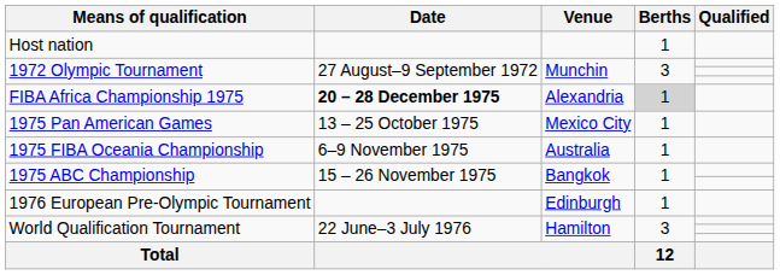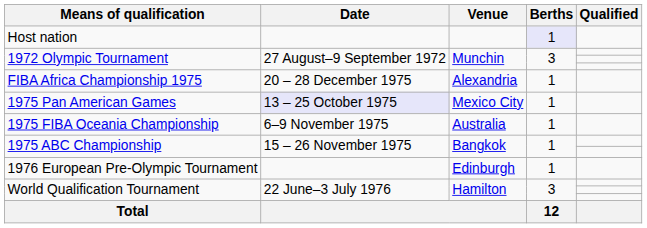 <table class="wikitable">
 <tr>
 <th>Means of qualification</th>
 <th>Date</th>
 <th>Venue</th>
 <th>Berths</th>
 <th>Qualified</th>
 </tr>
 <tr>
 <td>Host nation</td>
 <td></td>
 <td></td>
-<td style="text-align:center;">1</td>
+<td style="background: lavender; text-align:center;">1</td>
 <td></td>
 </tr>
 <tr>
 <td rowspan=3><a href='#'>1972 Olympic Tournament</a></td>
 <td rowspan=3>27 August–9 September 1972</td>
 <td rowspan=3> <a href='#'>Munchin</a></td>
 <td rowspan=3 style="text-align:center;">3</td>
 <td></td>
 </tr>
 <tr>
 <td></td>
 </tr>
 <tr>
 <td></td>
 </tr>
 <tr>
 <td><a href='#'>FIBA Africa Championship 1975</a></td>
-<td><strong>20 – 28 December 1975</strong></td>
+<td>20 – 28 December 1975</td>
 <td> <a href='#'>Alexandria</a></td>
-<td style="background: lightgrey; text-align:center;">1</td>
+<td style="text-align:center;">1</td>
 <td></td>
 </tr>
 <tr>
 <td><a href='#'>1975 Pan American Games</a></td>
-<td>13 – 25 October 1975</td>
+<td style="background: lavender;">13 – 25 October 1975</td>
 <td> <a href='#'>Mexico City</a></td>
 <td style="text-align:center;">1</td>
 <td></td>
 </tr>
 <tr>
 <td><a href='#'>1975 FIBA Oceania Championship</a></td>
 <td>6–9 November 1975</td>
 <td> <a href='#'>Australia</a></td>
 <td style="text-align:center;">1</td>
 <td></td>
 </tr>
 <tr>
 <td rowspan="2"><a href='#'>1975 ABC Championship</a></td>
 <td rowspan="2">15 – 26 November 1975</td>
 <td rowspan="2"> <a href='#'>Bangkok</a></td>
 <td rowspan="2" style="text-align:center;">1</td>
 <td><s></s></td>
 </tr>
 <tr>
 <td></td>
 </tr>
 <tr>
 <td>1976 European Pre-Olympic Tournament</td>
 <td></td>
 <td> <a href='#'>Edinburgh</a></td>
 <td style="text-align:center;">1</td>
 <td></td>
 </tr>
 <tr>
 <td rowspan="3">World Qualification Tournament</td>
 <td rowspan="3">22 June–3 July 1976</td>
 <td rowspan="3"> <a href='#'>Hamilton</a></td>
 <td rowspan="3" style="text-align:center;">3</td>
 <td></td>
 </tr>
 <tr>
 <td></td>
 </tr>
 <tr>
 <td></td>
 </tr>
 <tr>
 <th>Total</th>
 <th colspan="2"></th>
 <th>12</th>
 <th></th>
 </tr>
 </table>
